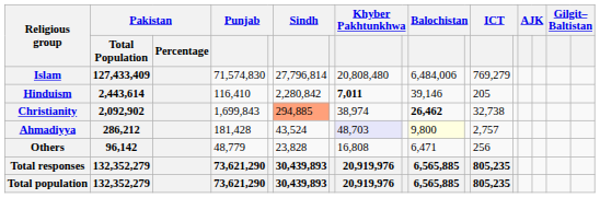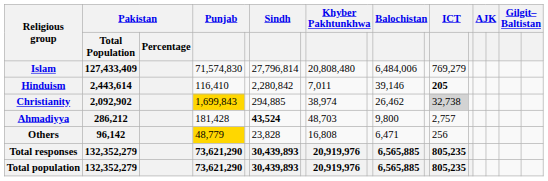 <table class="wikitable sortable">
 <tr>
 <th rowspan="2">Religious<br>group</th>
 <th colspan="2"><a href='#'>Pakistan</a></th>
 <th colspan="2"><a href='#'>Punjab</a></th>
 <th colspan="2"><a href='#'>Sindh</a></th>
 <th colspan="2"><a href='#'>Khyber<br>Pakhtunkhwa</a></th>
 <th colspan="2"><a href='#'>Balochistan</a></th>
 <th colspan="2"><a href='#'>ICT</a></th>
 <th colspan="2"><a href='#'>AJK</a></th>
 <th colspan="2"><a href='#'>Gilgit–<br>Baltistan</a></th>
 </tr>
 <tr>
 <th>Total<br>Population</th>
 <th>Percentage</th>
 <th><a href='#'></a></th>
 <th></th>
 <th></th>
 <th></th>
 <th></th>
 <th></th>
 <th></th>
 <th></th>
 <th></th>
 <th></th>
 <th></th>
 <th></th>
 <th></th>
 <th></th>
 </tr>
 <tr>
 <th><a href='#'>Islam</a> </th>
 <th>127,433,409</th>
 <th></th>
 <td>71,574,830</td>
 <td></td>
 <td>27,796,814</td>
 <td></td>
 <td>20,808,480</td>
 <td></td>
 <td>6,484,006</td>
 <td></td>
 <td>769,279</td>
 <td></td>
 <td></td>
 <td></td>
 <td></td>
 <td></td>
 </tr>
 <tr>
 <th><a href='#'>Hinduism</a> </th>
 <th>2,443,614</th>
 <th></th>
 <td>116,410</td>
 <td></td>
 <td>2,280,842</td>
 <td></td>
-<td><strong>7,011</strong></td>
+<td>7,011</td>
 <td></td>
 <td>39,146</td>
 <td></td>
-<td>205</td>
+<td><strong>205</strong></td>
 <td></td>
 <td></td>
 <td></td>
 <td></td>
 <td></td>
 </tr>
 <tr>
 <th><a href='#'>Christianity</a> </th>
 <th>2,092,902</th>
 <th></th>
-<td>1,699,843</td>
+<td style="background: gold;">1,699,843</td>
 <td></td>
-<td style="background: lightsalmon;">294,885</td>
+<td>294,885</td>
 <td></td>
 <td>38,974</td>
 <td></td>
-<td><strong>26,462</strong></td>
+<td>26,462</td>
 <td></td>
-<td>32,738</td>
+<td style="background: lightgrey;">32,738</td>
 <td></td>
 <td></td>
 <td></td>
 <td></td>
 <td></td>
 </tr>
 <tr>
 <th><a href='#'>Ahmadiyya</a> </th>
 <th>286,212</th>
 <th></th>
 <td>181,428</td>
 <td></td>
-<td>43,524</td>
+<td><strong>43,524</strong></td>
 <td></td>
-<td style="background: lavender;">48,703</td>
+<td>48,703</td>
 <td></td>
-<td style="background: lightyellow;">9,800</td>
+<td>9,800</td>
 <td></td>
 <td>2,757</td>
 <td></td>
 <td></td>
 <td></td>
 <td></td>
 <td></td>
 </tr>
 <tr>
 <th>Others</th>
 <th>96,142</th>
 <th></th>
-<td>48,779</td>
+<td style="background: gold;">48,779</td>
 <td></td>
 <td>23,828</td>
 <td></td>
 <td>16,808</td>
 <td></td>
 <td>6,471</td>
 <td></td>
 <td>256</td>
 <td></td>
 <td></td>
 <td></td>
 <td></td>
 <td></td>
 </tr>
 <tr>
 <th>Total responses</th>
 <th>132,352,279</th>
 <th></th>
 <th>73,621,290</th>
 <th></th>
 <th>30,439,893</th>
 <th></th>
 <th>20,919,976</th>
 <th></th>
 <th>6,565,885</th>
 <th></th>
 <th>805,235</th>
 <th></th>
 <td></td>
 <td></td>
 <td></td>
 <td></td>
 </tr>
 <tr>
 <th>Total population</th>
 <th>132,352,279</th>
 <th></th>
 <th>73,621,290</th>
 <th></th>
 <th>30,439,893</th>
 <th></th>
 <th>20,919,976</th>
 <th></th>
 <th>6,565,885</th>
 <th></th>
 <th>805,235</th>
 <th></th>
 <td></td>
 <td></td>
 <td></td>
 <td></td>
 </tr>
 </table>
